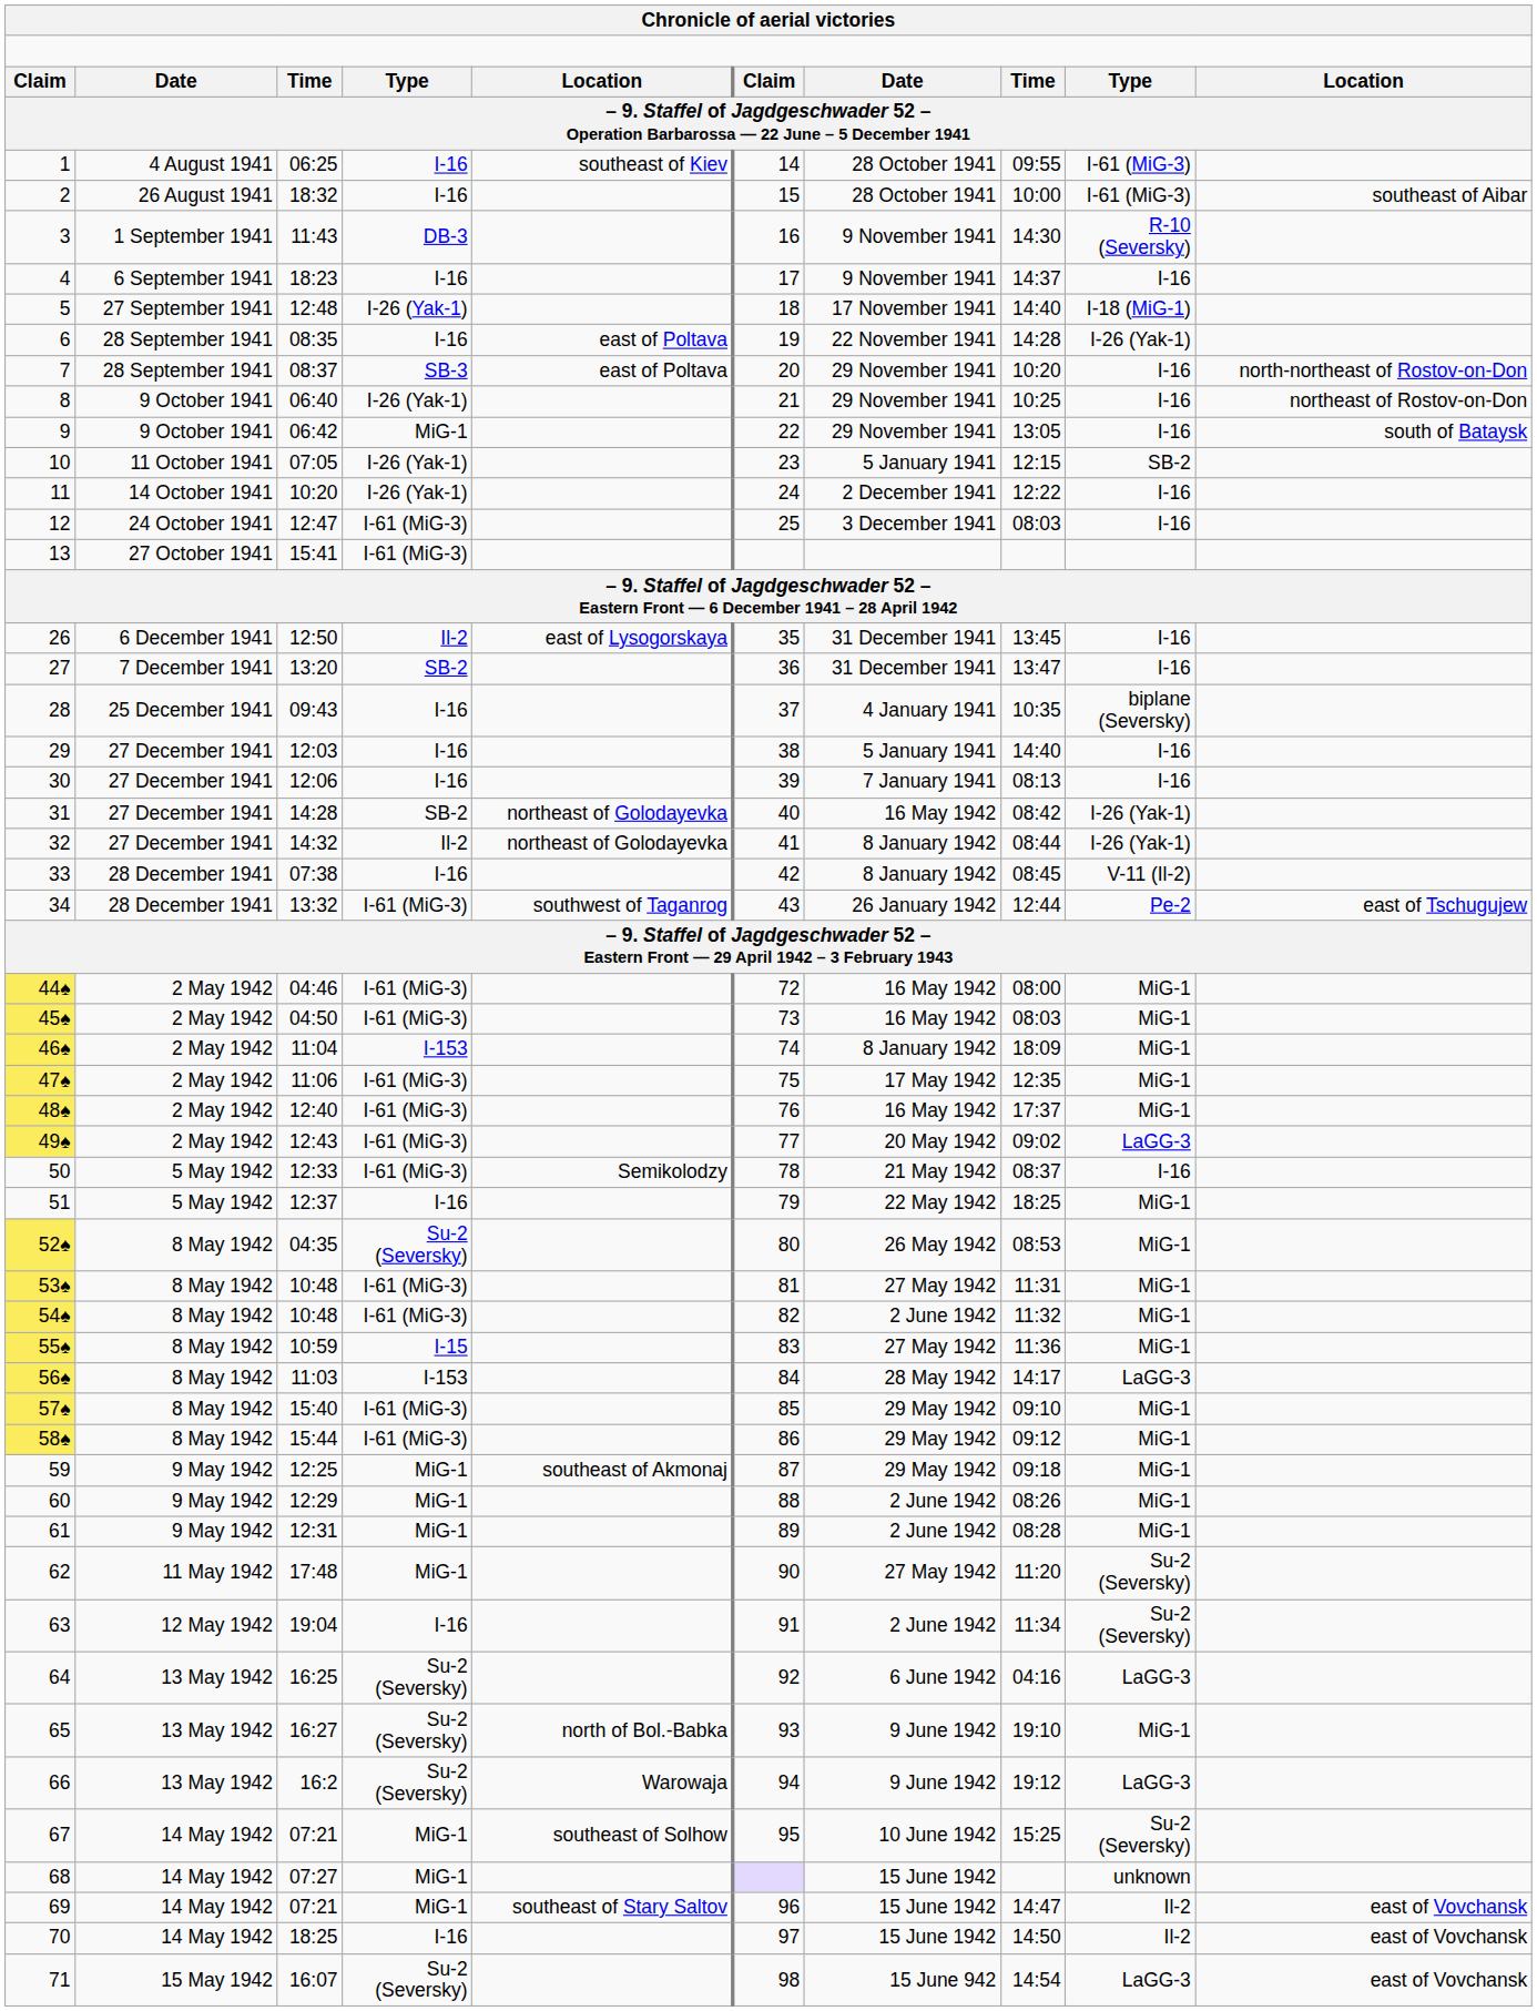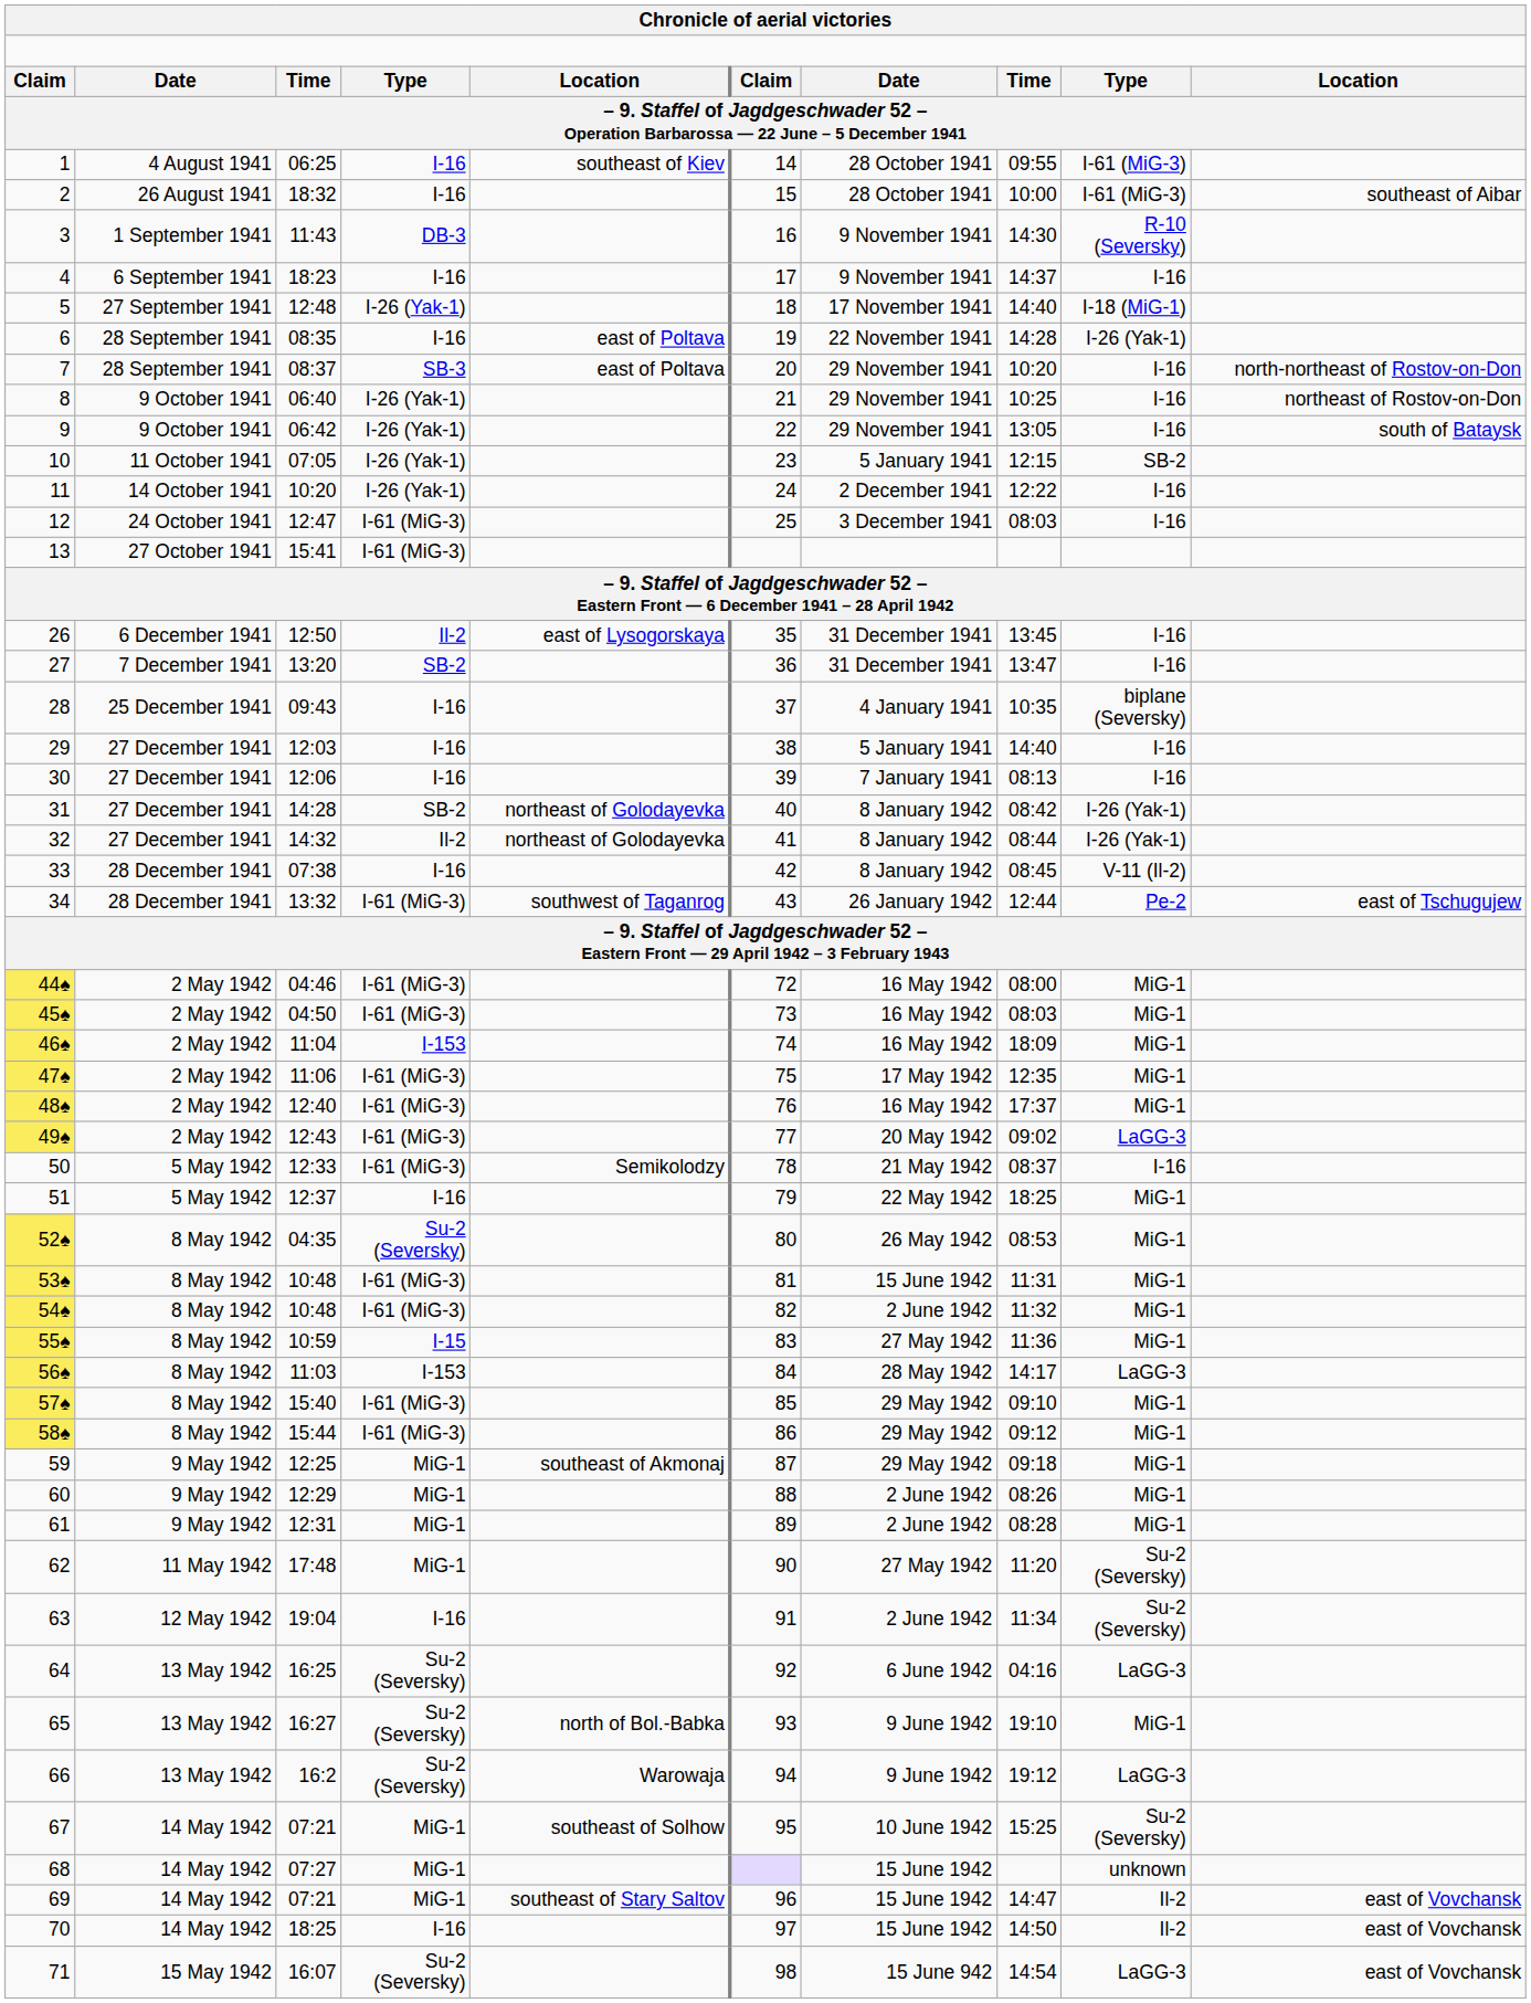 <table class="wikitable plainrowheaders collapsible" style="margin-left: auto; margin-right: auto; border: none; text-align:right; width: 100%;">
 <tr>
 <th colspan="10">Chronicle of aerial victories</th>
 </tr>
 <tr>
 <td colspan="10" style="text-align: left;"><br> </td>
 </tr>
 <tr>
 <th scope="col">Claim</th>
 <th scope="col">Date</th>
 <th scope="col">Time</th>
 <th scope="col" width="100px">Type</th>
 <th scope="col">Location</th>
 <th scope="col" style="border-left: 3px solid grey;">Claim</th>
 <th scope="col">Date</th>
 <th scope="col">Time</th>
 <th scope="col" width="100px">Type</th>
 <th scope="col">Location</th>
 </tr>
 <tr>
 <th colspan="10">– 9. <em>Staffel</em> of <em>Jagdgeschwader</em> 52 –<br><small>Operation Barbarossa — 22 June – 5 December 1941</small></th>
 </tr>
 <tr>
 <td>1</td>
 <td>4 August 1941</td>
 <td>06:25</td>
 <td><a href='#'>I-16</a></td>
 <td>southeast of <a href='#'>Kiev</a></td>
 <td style="border-left: 3px solid grey;">14</td>
 <td>28 October 1941</td>
 <td>09:55</td>
 <td>I-61 (<a href='#'>MiG-3</a>)</td>
 <td></td>
 </tr>
 <tr>
 <td>2</td>
 <td>26 August 1941</td>
 <td>18:32</td>
 <td>I-16</td>
 <td></td>
 <td style="border-left: 3px solid grey;">15</td>
 <td>28 October 1941</td>
 <td>10:00</td>
 <td>I-61 (MiG-3)</td>
 <td>southeast of Aibar</td>
 </tr>
 <tr>
 <td>3</td>
 <td>1 September 1941</td>
 <td>11:43</td>
 <td><a href='#'>DB-3</a></td>
 <td></td>
 <td style="border-left: 3px solid grey;">16</td>
 <td>9 November 1941</td>
 <td>14:30</td>
 <td><a href='#'>R-10</a> (<a href='#'>Seversky</a>)</td>
 <td></td>
 </tr>
 <tr>
 <td>4</td>
 <td>6 September 1941</td>
 <td>18:23</td>
 <td>I-16</td>
 <td></td>
 <td style="border-left: 3px solid grey;">17</td>
 <td>9 November 1941</td>
 <td>14:37</td>
 <td>I-16</td>
 <td></td>
 </tr>
 <tr>
 <td>5</td>
 <td>27 September 1941</td>
 <td>12:48</td>
 <td>I-26 (<a href='#'>Yak-1</a>)</td>
 <td></td>
 <td style="border-left: 3px solid grey;">18</td>
 <td>17 November 1941</td>
 <td>14:40</td>
 <td>I-18 (<a href='#'>MiG-1</a>)</td>
 <td></td>
 </tr>
 <tr>
 <td>6</td>
 <td>28 September 1941</td>
 <td>08:35</td>
 <td>I-16</td>
 <td> east of <a href='#'>Poltava</a></td>
 <td style="border-left: 3px solid grey;">19</td>
 <td>22 November 1941</td>
 <td>14:28</td>
 <td>I-26 (Yak-1)</td>
 <td></td>
 </tr>
 <tr>
 <td>7</td>
 <td>28 September 1941</td>
 <td>08:37</td>
 <td><a href='#'>SB-3</a></td>
 <td>east of Poltava</td>
 <td style="border-left: 3px solid grey;">20</td>
 <td>29 November 1941</td>
 <td>10:20</td>
 <td>I-16</td>
 <td>north-northeast of <a href='#'>Rostov-on-Don</a></td>
 </tr>
 <tr>
 <td>8</td>
 <td>9 October 1941</td>
 <td>06:40</td>
 <td>I-26 (Yak-1)</td>
 <td></td>
 <td style="border-left: 3px solid grey;">21</td>
 <td>29 November 1941</td>
 <td>10:25</td>
 <td>I-16</td>
 <td>northeast of Rostov-on-Don</td>
 </tr>
 <tr>
 <td>9</td>
 <td>9 October 1941</td>
 <td>06:42</td>
-<td>MiG-1</td>
+<td>I-26 (Yak-1)</td>
 <td></td>
 <td style="border-left: 3px solid grey;">22</td>
 <td>29 November 1941</td>
 <td>13:05</td>
 <td>I-16</td>
 <td>south of <a href='#'>Bataysk</a></td>
 </tr>
 <tr>
 <td>10</td>
 <td>11 October 1941</td>
 <td>07:05</td>
 <td>I-26 (Yak-1)</td>
 <td></td>
 <td style="border-left: 3px solid grey;">23</td>
 <td>5 January 1941</td>
 <td>12:15</td>
 <td>SB-2</td>
 <td></td>
 </tr>
 <tr>
 <td>11</td>
 <td>14 October 1941</td>
 <td>10:20</td>
 <td>I-26 (Yak-1)</td>
 <td></td>
 <td style="border-left: 3px solid grey;">24</td>
 <td>2 December 1941</td>
 <td>12:22</td>
 <td>I-16</td>
 <td></td>
 </tr>
 <tr>
 <td>12</td>
 <td>24 October 1941</td>
 <td>12:47</td>
 <td>I-61 (MiG-3)</td>
 <td></td>
 <td style="border-left: 3px solid grey;">25</td>
 <td>3 December 1941</td>
 <td>08:03</td>
 <td>I-16</td>
 <td></td>
 </tr>
 <tr>
 <td>13</td>
 <td>27 October 1941</td>
 <td>15:41</td>
 <td>I-61 (MiG-3)</td>
 <td></td>
 <td style="border-left: 3px solid grey;"></td>
 <td></td>
 <td></td>
 <td></td>
 <td></td>
 </tr>
 <tr>
 <th colspan="12">– 9. <em>Staffel</em> of <em>Jagdgeschwader</em> 52 –<br><small>Eastern Front — 6 December 1941 – 28 April 1942</small></th>
 </tr>
 <tr>
 <td>26</td>
 <td>6 December 1941</td>
 <td>12:50</td>
 <td><a href='#'>Il-2</a></td>
 <td>east of <a href='#'>Lysogorskaya</a></td>
 <td style="border-left: 3px solid grey;">35</td>
 <td>31 December 1941</td>
 <td>13:45</td>
 <td>I-16</td>
 <td></td>
 </tr>
 <tr>
 <td>27</td>
 <td>7 December 1941</td>
 <td>13:20</td>
 <td><a href='#'>SB-2</a></td>
 <td></td>
 <td style="border-left: 3px solid grey;">36</td>
 <td>31 December 1941</td>
 <td>13:47</td>
 <td>I-16</td>
 <td></td>
 </tr>
 <tr>
 <td>28</td>
 <td>25 December 1941</td>
 <td>09:43</td>
 <td>I-16</td>
 <td></td>
 <td style="border-left: 3px solid grey;">37</td>
 <td>4 January 1941</td>
 <td>10:35</td>
 <td>biplane (Seversky)</td>
 <td></td>
 </tr>
 <tr>
 <td>29</td>
 <td>27 December 1941</td>
 <td>12:03</td>
 <td>I-16</td>
 <td></td>
 <td style="border-left: 3px solid grey;">38</td>
 <td>5 January 1941</td>
 <td>14:40</td>
 <td>I-16</td>
 <td></td>
 </tr>
 <tr>
 <td>30</td>
 <td>27 December 1941</td>
 <td>12:06</td>
 <td>I-16</td>
 <td></td>
 <td style="border-left: 3px solid grey;">39</td>
 <td>7 January 1941</td>
 <td>08:13</td>
 <td>I-16</td>
 <td></td>
 </tr>
 <tr>
 <td>31</td>
 <td>27 December 1941</td>
 <td>14:28</td>
 <td>SB-2</td>
 <td>northeast of <a href='#'>Golodayevka</a></td>
 <td style="border-left: 3px solid grey;">40</td>
-<td>16 May 1942</td>
+<td>8 January 1942</td>
 <td>08:42</td>
 <td>I-26 (Yak-1)</td>
 <td></td>
 </tr>
 <tr>
 <td>32</td>
 <td>27 December 1941</td>
 <td>14:32</td>
 <td>Il-2</td>
 <td>northeast of Golodayevka</td>
 <td style="border-left: 3px solid grey;">41</td>
 <td>8 January 1942</td>
 <td>08:44</td>
 <td>I-26 (Yak-1)</td>
 <td></td>
 </tr>
 <tr>
 <td>33</td>
 <td>28 December 1941</td>
 <td>07:38</td>
 <td>I-16</td>
 <td></td>
 <td style="border-left: 3px solid grey;">42</td>
 <td>8 January 1942</td>
 <td>08:45</td>
 <td>V-11 (Il-2)</td>
 <td></td>
 </tr>
 <tr>
 <td>34</td>
 <td>28 December 1941</td>
 <td>13:32</td>
 <td>I-61 (MiG-3)</td>
 <td>southwest of <a href='#'>Taganrog</a></td>
 <td style="border-left: 3px solid grey;">43</td>
 <td>26 January 1942</td>
 <td>12:44</td>
 <td><a href='#'>Pe-2</a></td>
 <td>east of <a href='#'>Tschugujew</a></td>
 </tr>
 <tr>
 <th colspan="10">– 9. <em>Staffel</em> of <em>Jagdgeschwader</em> 52 –<br><small>Eastern Front — 29 April 1942 – 3 February 1943</small></th>
 </tr>
 <tr>
 <td style="background:#fbec5d;">44♠</td>
 <td>2 May 1942</td>
 <td>04:46</td>
 <td>I-61 (MiG-3)</td>
 <td></td>
 <td style="border-left: 3px solid grey;">72</td>
 <td>16 May 1942</td>
 <td>08:00</td>
 <td>MiG-1</td>
 <td></td>
 </tr>
 <tr>
 <td style="background:#fbec5d;">45♠</td>
 <td>2 May 1942</td>
 <td>04:50</td>
 <td>I-61 (MiG-3)</td>
 <td></td>
 <td style="border-left: 3px solid grey;">73</td>
 <td>16 May 1942</td>
 <td>08:03</td>
 <td>MiG-1</td>
 <td></td>
 </tr>
 <tr>
 <td style="background:#fbec5d;">46♠</td>
 <td>2 May 1942</td>
 <td>11:04</td>
 <td><a href='#'>I-153</a></td>
 <td></td>
 <td style="border-left: 3px solid grey;">74</td>
-<td>8 January 1942</td>
+<td>16 May 1942</td>
 <td>18:09</td>
 <td>MiG-1</td>
 <td></td>
 </tr>
 <tr>
 <td style="background:#fbec5d;">47♠</td>
 <td>2 May 1942</td>
 <td>11:06</td>
 <td>I-61 (MiG-3)</td>
 <td></td>
 <td style="border-left: 3px solid grey;">75</td>
 <td>17 May 1942</td>
 <td>12:35</td>
 <td>MiG-1</td>
 <td></td>
 </tr>
 <tr>
 <td style="background:#fbec5d;">48♠</td>
 <td>2 May 1942</td>
 <td>12:40</td>
 <td>I-61 (MiG-3)</td>
 <td></td>
 <td style="border-left: 3px solid grey;">76</td>
 <td>16 May 1942</td>
 <td>17:37</td>
 <td>MiG-1</td>
 <td></td>
 </tr>
 <tr>
 <td style="background:#fbec5d;">49♠</td>
 <td>2 May 1942</td>
 <td>12:43</td>
 <td>I-61 (MiG-3)</td>
 <td></td>
 <td style="border-left: 3px solid grey;">77</td>
 <td>20 May 1942</td>
 <td>09:02</td>
 <td><a href='#'>LaGG-3</a></td>
 <td></td>
 </tr>
 <tr>
 <td>50</td>
 <td>5 May 1942</td>
 <td>12:33</td>
 <td>I-61 (MiG-3)</td>
 <td>Semikolodzy</td>
 <td style="border-left: 3px solid grey;">78</td>
 <td>21 May 1942</td>
 <td>08:37</td>
 <td>I-16</td>
 <td></td>
 </tr>
 <tr>
 <td>51</td>
 <td>5 May 1942</td>
 <td>12:37</td>
 <td>I-16</td>
 <td></td>
 <td style="border-left: 3px solid grey;">79</td>
 <td>22 May 1942</td>
 <td>18:25</td>
 <td>MiG-1</td>
 <td></td>
 </tr>
 <tr>
 <td style="background:#fbec5d;">52♠</td>
 <td>8 May 1942</td>
 <td>04:35</td>
 <td><a href='#'>Su-2</a> (<a href='#'>Seversky</a>)</td>
 <td></td>
 <td style="border-left: 3px solid grey;">80</td>
 <td>26 May 1942</td>
 <td>08:53</td>
 <td>MiG-1</td>
 <td></td>
 </tr>
 <tr>
 <td style="background:#fbec5d;">53♠</td>
 <td>8 May 1942</td>
 <td>10:48</td>
 <td>I-61 (MiG-3)</td>
 <td></td>
 <td style="border-left: 3px solid grey;">81</td>
-<td>27 May 1942</td>
+<td>15 June 1942</td>
 <td>11:31</td>
 <td>MiG-1</td>
 <td></td>
 </tr>
 <tr>
 <td style="background:#fbec5d;">54♠</td>
 <td>8 May 1942</td>
 <td>10:48</td>
 <td>I-61 (MiG-3)</td>
 <td></td>
 <td style="border-left: 3px solid grey;">82</td>
 <td>2 June 1942</td>
 <td>11:32</td>
 <td>MiG-1</td>
 <td></td>
 </tr>
 <tr>
 <td style="background:#fbec5d;">55♠</td>
 <td>8 May 1942</td>
 <td>10:59</td>
 <td><a href='#'>I-15</a></td>
 <td></td>
 <td style="border-left: 3px solid grey;">83</td>
 <td>27 May 1942</td>
 <td>11:36</td>
 <td>MiG-1</td>
 <td></td>
 </tr>
 <tr>
 <td style="background:#fbec5d;">56♠</td>
 <td>8 May 1942</td>
 <td>11:03</td>
 <td>I-153</td>
 <td></td>
 <td style="border-left: 3px solid grey;">84</td>
 <td>28 May 1942</td>
 <td>14:17</td>
 <td>LaGG-3</td>
 <td></td>
 </tr>
 <tr>
 <td style="background:#fbec5d;">57♠</td>
 <td>8 May 1942</td>
 <td>15:40</td>
 <td>I-61 (MiG-3)</td>
 <td></td>
 <td style="border-left: 3px solid grey;">85</td>
 <td>29 May 1942</td>
 <td>09:10</td>
 <td>MiG-1</td>
 <td></td>
 </tr>
 <tr>
 <td style="background:#fbec5d;">58♠</td>
 <td>8 May 1942</td>
 <td>15:44</td>
 <td>I-61 (MiG-3)</td>
 <td></td>
 <td style="border-left: 3px solid grey;">86</td>
 <td>29 May 1942</td>
 <td>09:12</td>
 <td>MiG-1</td>
 <td></td>
 </tr>
 <tr>
 <td>59</td>
 <td>9 May 1942</td>
 <td>12:25</td>
 <td>MiG-1</td>
 <td> southeast of Akmonaj</td>
 <td style="border-left: 3px solid grey;">87</td>
 <td>29 May 1942</td>
 <td>09:18</td>
 <td>MiG-1</td>
 <td></td>
 </tr>
 <tr>
 <td>60</td>
 <td>9 May 1942</td>
 <td>12:29</td>
 <td>MiG-1</td>
 <td></td>
 <td style="border-left: 3px solid grey;">88</td>
 <td>2 June 1942</td>
 <td>08:26</td>
 <td>MiG-1</td>
 <td></td>
 </tr>
 <tr>
 <td>61</td>
 <td>9 May 1942</td>
 <td>12:31</td>
 <td>MiG-1</td>
 <td></td>
 <td style="border-left: 3px solid grey;">89</td>
 <td>2 June 1942</td>
 <td>08:28</td>
 <td>MiG-1</td>
 <td></td>
 </tr>
 <tr>
 <td>62</td>
 <td>11 May 1942</td>
 <td>17:48</td>
 <td>MiG-1</td>
 <td></td>
 <td style="border-left: 3px solid grey;">90</td>
 <td>27 May 1942</td>
 <td>11:20</td>
 <td>Su-2 (Seversky)</td>
 <td></td>
 </tr>
 <tr>
 <td>63</td>
 <td>12 May 1942</td>
 <td>19:04</td>
 <td>I-16</td>
 <td></td>
 <td style="border-left: 3px solid grey;">91</td>
 <td>2 June 1942</td>
 <td>11:34</td>
 <td>Su-2 (Seversky)</td>
 <td></td>
 </tr>
 <tr>
 <td>64</td>
 <td>13 May 1942</td>
 <td>16:25</td>
 <td>Su-2 (Seversky)</td>
 <td></td>
 <td style="border-left: 3px solid grey;">92</td>
 <td>6 June 1942</td>
 <td>04:16</td>
 <td>LaGG-3</td>
 <td></td>
 </tr>
 <tr>
 <td>65</td>
 <td>13 May 1942</td>
 <td>16:27</td>
 <td>Su-2 (Seversky)</td>
 <td> north of Bol.-Babka</td>
 <td style="border-left: 3px solid grey;">93</td>
 <td>9 June 1942</td>
 <td>19:10</td>
 <td>MiG-1</td>
 <td></td>
 </tr>
 <tr>
 <td>66</td>
 <td>13 May 1942</td>
 <td>16:2</td>
 <td>Su-2 (Seversky)</td>
 <td>Warowaja</td>
 <td style="border-left: 3px solid grey;">94</td>
 <td>9 June 1942</td>
 <td>19:12</td>
 <td>LaGG-3</td>
 <td></td>
 </tr>
 <tr>
 <td>67</td>
 <td>14 May 1942</td>
 <td>07:21</td>
 <td>MiG-1</td>
 <td> southeast of Solhow</td>
 <td style="border-left: 3px solid grey;">95</td>
 <td>10 June 1942</td>
 <td>15:25</td>
 <td>Su-2 (Seversky)</td>
 <td></td>
 </tr>
 <tr>
 <td>68</td>
 <td>14 May 1942</td>
 <td>07:27</td>
 <td>MiG-1</td>
 <td></td>
 <td style="border-left: 3px solid grey; background:#e3d9ff;"></td>
 <td>15 June 1942</td>
 <td></td>
 <td>unknown</td>
 <td></td>
 </tr>
 <tr>
 <td>69</td>
 <td>14 May 1942</td>
 <td>07:21</td>
 <td>MiG-1</td>
 <td> southeast of <a href='#'>Stary Saltov</a></td>
 <td style="border-left: 3px solid grey;">96</td>
 <td>15 June 1942</td>
 <td>14:47</td>
 <td>Il-2</td>
 <td> east of <a href='#'>Vovchansk</a></td>
 </tr>
 <tr>
 <td>70</td>
 <td>14 May 1942</td>
 <td>18:25</td>
 <td>I-16</td>
 <td></td>
 <td style="border-left: 3px solid grey;">97</td>
 <td>15 June 1942</td>
 <td>14:50</td>
 <td>Il-2</td>
 <td> east of Vovchansk</td>
 </tr>
 <tr>
 <td>71</td>
 <td>15 May 1942</td>
 <td>16:07</td>
 <td>Su-2 (Seversky)</td>
 <td></td>
 <td style="border-left: 3px solid grey;">98</td>
 <td>15 June 942</td>
 <td>14:54</td>
 <td>LaGG-3</td>
 <td> east of Vovchansk</td>
 </tr>
 </table>
